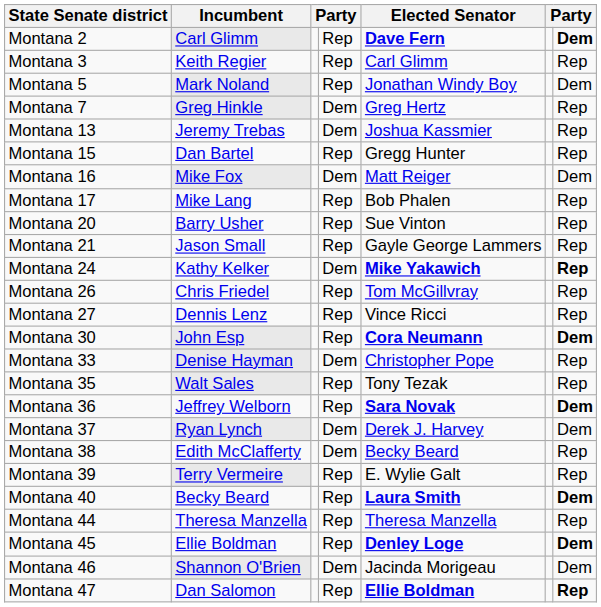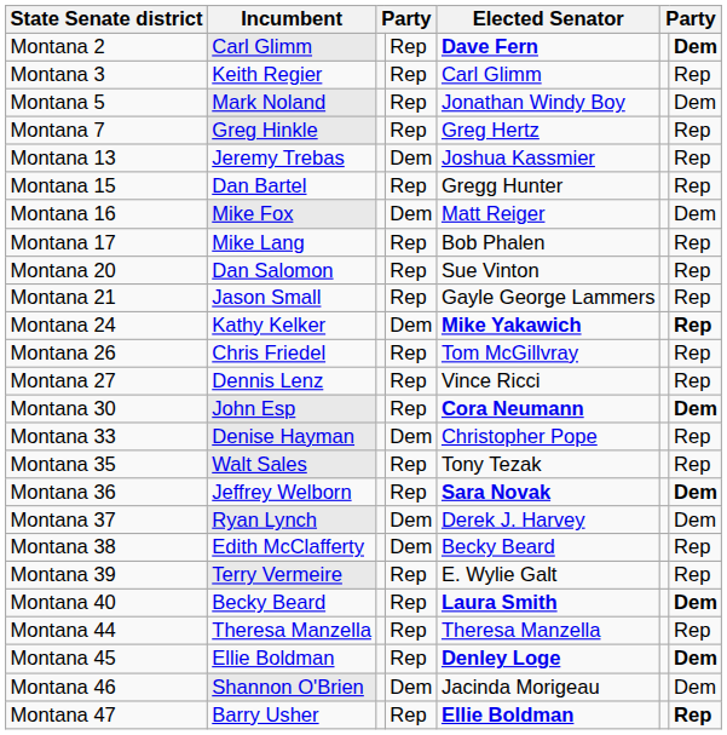 <table class="sortable wikitable" style="font-size:95%;line-height:14px;">
 <tr>
 <th colspan="1">State Senate district</th>
 <th class="unsortable">Incumbent</th>
 <th colspan="2">Party</th>
 <th class="unsortable">Elected Senator</th>
 <th colspan="2">Party</th>
 </tr>
 <tr>
 <td>Montana 2</td>
 <td style="background:#E9E9E9;"><a href='#'>Carl Glimm</a></td>
 <td style="background:"></td>
 <td>Rep</td>
 <td><strong><a href='#'>Dave Fern</a></strong></td>
 <td style="background:"></td>
 <td><strong>Dem</strong></td>
 </tr>
 <tr>
 <td>Montana 3</td>
 <td><a href='#'>Keith Regier</a></td>
 <td style="background:"></td>
 <td>Rep</td>
 <td><a href='#'>Carl Glimm</a></td>
 <td style="background:"></td>
 <td>Rep</td>
 </tr>
 <tr>
 <td>Montana 5</td>
 <td style="background:#E9E9E9;"><a href='#'>Mark Noland</a></td>
 <td style="background:"></td>
 <td>Rep</td>
 <td><a href='#'>Jonathan Windy Boy</a></td>
 <td style="background:"></td>
 <td>Dem</td>
 </tr>
 <tr>
 <td>Montana 7</td>
 <td style="background:#E9E9E9;"><a href='#'>Greg Hinkle</a></td>
 <td style="background:"></td>
-<td>Dem</td>
+<td>Rep</td>
 <td><a href='#'>Greg Hertz</a></td>
 <td style="background:"></td>
 <td>Rep</td>
 </tr>
 <tr>
 <td>Montana 13</td>
 <td><a href='#'>Jeremy Trebas</a></td>
 <td style="background:"></td>
 <td>Dem</td>
 <td><a href='#'>Joshua Kassmier</a></td>
 <td style="background:"></td>
 <td>Rep</td>
 </tr>
 <tr>
 <td>Montana 15</td>
 <td><a href='#'>Dan Bartel</a></td>
 <td style="background:"></td>
 <td>Rep</td>
 <td>Gregg Hunter</td>
 <td style="background:"></td>
 <td>Rep</td>
 </tr>
 <tr>
 <td>Montana 16</td>
 <td style="background:#E9E9E9;"><a href='#'>Mike Fox</a></td>
 <td style="background:"></td>
 <td>Dem</td>
 <td><a href='#'>Matt Reiger</a></td>
 <td style="background:"></td>
 <td>Dem</td>
 </tr>
 <tr>
 <td>Montana 17</td>
 <td><a href='#'>Mike Lang</a></td>
 <td style="background:"></td>
 <td>Rep</td>
 <td>Bob Phalen</td>
 <td style="background:"></td>
 <td>Rep</td>
 </tr>
 <tr>
 <td>Montana 20</td>
-<td><a href='#'>Barry Usher</a></td>
+<td><a href='#'>Dan Salomon</a></td>
 <td style="background:"></td>
 <td>Rep</td>
 <td>Sue Vinton</td>
 <td style="background:"></td>
 <td>Rep</td>
 </tr>
 <tr>
 <td>Montana 21</td>
 <td><a href='#'>Jason Small</a></td>
 <td style="background:"></td>
 <td>Rep</td>
 <td>Gayle George Lammers</td>
 <td style="background:"></td>
 <td>Rep</td>
 </tr>
 <tr>
 <td>Montana 24</td>
 <td><a href='#'>Kathy Kelker</a></td>
 <td style="background:"></td>
 <td>Dem</td>
 <td><strong><a href='#'>Mike Yakawich</a></strong></td>
 <td style="background:"></td>
 <td><strong>Rep</strong></td>
 </tr>
 <tr>
 <td>Montana 26</td>
 <td><a href='#'>Chris Friedel</a></td>
 <td style="background:"></td>
 <td>Rep</td>
 <td><a href='#'>Tom McGillvray</a></td>
 <td style="background:"></td>
 <td>Rep</td>
 </tr>
 <tr>
 <td>Montana 27</td>
 <td><a href='#'>Dennis Lenz</a></td>
 <td style="background:"></td>
 <td>Rep</td>
 <td>Vince Ricci</td>
 <td style="background:"></td>
 <td>Rep</td>
 </tr>
 <tr>
 <td>Montana 30</td>
 <td style="background:#E9E9E9;"><a href='#'>John Esp</a></td>
 <td style="background:"></td>
 <td>Rep</td>
 <td><strong><a href='#'>Cora Neumann</a></strong></td>
 <td style="background:"></td>
 <td><strong>Dem</strong></td>
 </tr>
 <tr>
 <td>Montana 33</td>
 <td style="background:#E9E9E9;"><a href='#'>Denise Hayman</a></td>
 <td style="background:"></td>
 <td>Dem</td>
 <td><a href='#'>Christopher Pope</a></td>
 <td style="background:"></td>
 <td>Rep</td>
 </tr>
 <tr>
 <td>Montana 35</td>
 <td style="background:#E9E9E9;"><a href='#'>Walt Sales</a></td>
 <td style="background:"></td>
 <td>Rep</td>
 <td>Tony Tezak</td>
 <td style="background:"></td>
 <td>Rep</td>
 </tr>
 <tr>
 <td>Montana 36</td>
 <td><a href='#'>Jeffrey Welborn</a></td>
 <td style="background:"></td>
 <td>Rep</td>
 <td><strong><a href='#'>Sara Novak</a></strong></td>
 <td style="background:"></td>
 <td><strong>Dem</strong></td>
 </tr>
 <tr>
 <td>Montana 37</td>
 <td style="background:#E9E9E9;"><a href='#'>Ryan Lynch</a></td>
 <td style="background:"></td>
 <td>Dem</td>
 <td><a href='#'>Derek J. Harvey</a></td>
 <td style="background:"></td>
 <td>Dem</td>
 </tr>
 <tr>
 <td>Montana 38</td>
 <td><a href='#'>Edith McClafferty</a></td>
 <td style="background:"></td>
 <td>Dem</td>
 <td><a href='#'>Becky Beard</a></td>
 <td style="background:"></td>
 <td>Rep</td>
 </tr>
 <tr>
 <td>Montana 39</td>
 <td style="background:#E9E9E9;"><a href='#'>Terry Vermeire</a></td>
 <td style="background:"></td>
 <td>Rep</td>
 <td>E. Wylie Galt</td>
 <td style="background:"></td>
 <td>Rep</td>
 </tr>
 <tr>
 <td>Montana 40</td>
 <td><a href='#'>Becky Beard</a></td>
 <td style="background:"></td>
 <td>Rep</td>
 <td><strong><a href='#'>Laura Smith</a></strong></td>
 <td style="background:"></td>
 <td><strong>Dem</strong></td>
 </tr>
 <tr>
 <td>Montana 44</td>
 <td><a href='#'>Theresa Manzella</a></td>
 <td style="background:"></td>
 <td>Rep</td>
 <td><a href='#'>Theresa Manzella</a></td>
 <td style="background:"></td>
 <td>Rep</td>
 </tr>
 <tr>
 <td>Montana 45</td>
 <td><a href='#'>Ellie Boldman</a></td>
 <td style="background:"></td>
 <td>Rep</td>
 <td><strong><a href='#'>Denley Loge</a></strong></td>
 <td style="background:"></td>
 <td><strong>Dem</strong></td>
 </tr>
 <tr>
 <td>Montana 46</td>
 <td style="background:#E9E9E9;"><a href='#'>Shannon O'Brien</a></td>
 <td style="background:"></td>
 <td>Dem</td>
 <td>Jacinda Morigeau</td>
 <td style="background:"></td>
 <td>Dem</td>
 </tr>
 <tr>
 <td>Montana 47</td>
-<td><a href='#'>Dan Salomon</a></td>
+<td><a href='#'>Barry Usher</a></td>
 <td style="background:"></td>
 <td>Rep</td>
 <td><strong><a href='#'>Ellie Boldman</a></strong></td>
 <td style="background:"></td>
 <td><strong>Rep</strong></td>
 </tr>
 </table>
